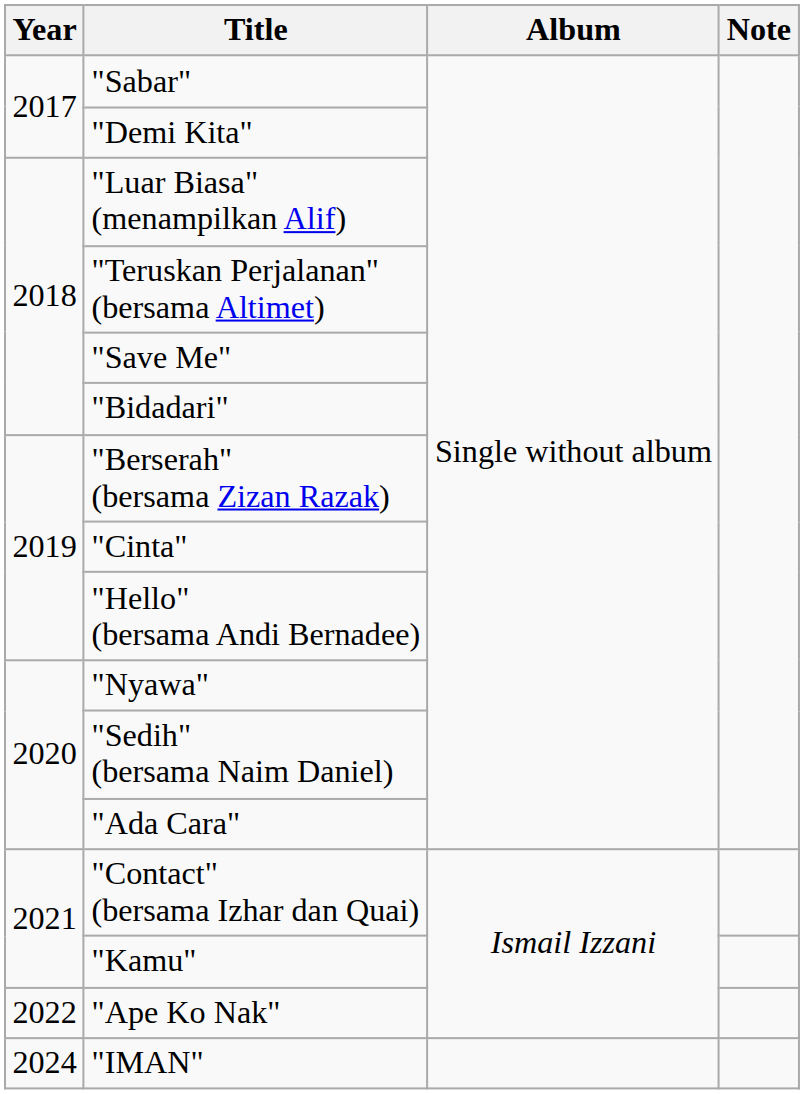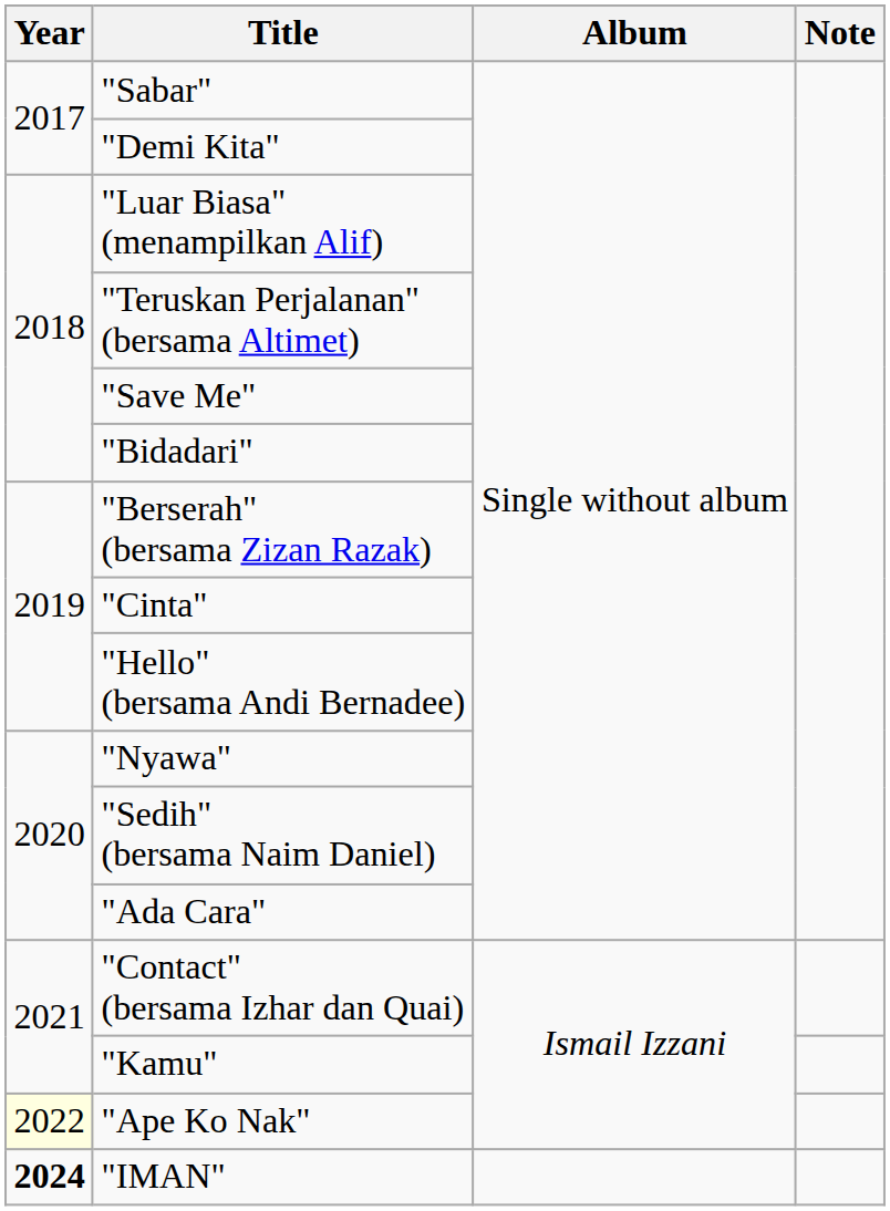 <table class="wikitable" style="text-align:center;">
 <tr>
 <th>Year</th>
 <th>Title</th>
 <th>Album</th>
 <th>Note</th>
 </tr>
 <tr>
 <td rowspan="2">2017</td>
 <td align="left">"Sabar"</td>
 <td rowspan="12">Single without album</td>
 </tr>
 <tr>
 <td align="left">"Demi Kita"</td>
 </tr>
 <tr>
 <td rowspan="4">2018</td>
 <td align="left">"Luar Biasa"<br><span>(menampilkan <a href='#'>Alif</a>)</span></td>
 </tr>
 <tr>
 <td align="left">"Teruskan Perjalanan"<br><span>(bersama <a href='#'>Altimet</a>)</span></td>
 </tr>
 <tr>
 <td align="left">"Save Me"</td>
 </tr>
 <tr>
 <td align="left">"Bidadari"</td>
 </tr>
 <tr>
 <td rowspan="3">2019</td>
 <td align="left">"Berserah"<br><span>(bersama <a href='#'>Zizan Razak</a>)</span></td>
 </tr>
 <tr>
 <td align="left">"Cinta"</td>
 </tr>
 <tr>
 <td align="left">"Hello"<br><span>(bersama Andi Bernadee)</span></td>
 </tr>
 <tr>
 <td rowspan="3">2020</td>
 <td align="left">"Nyawa"</td>
 </tr>
 <tr>
 <td align="left">"Sedih"<br><span>(bersama Naim Daniel)</span></td>
 </tr>
 <tr>
 <td align="left">"Ada Cara"</td>
 </tr>
 <tr>
 <td rowspan="2">2021</td>
 <td align="left">"Contact"<br><span>(bersama Izhar dan Quai)</span></td>
 <td rowspan="3"><em>Ismail Izzani</em></td>
 <td></td>
 </tr>
 <tr>
 <td align="left">"Kamu"</td>
 <td></td>
 </tr>
 <tr>
-<td>2022</td>
+<td style="background: lightyellow;">2022</td>
 <td align="left">"Ape Ko Nak"</td>
 <td></td>
 </tr>
 <tr>
-<td>2024</td>
+<td><strong>2024</strong></td>
 <td align="left">"IMAN"</td>
 <td></td>
 <td></td>
 </tr>
 </table>
